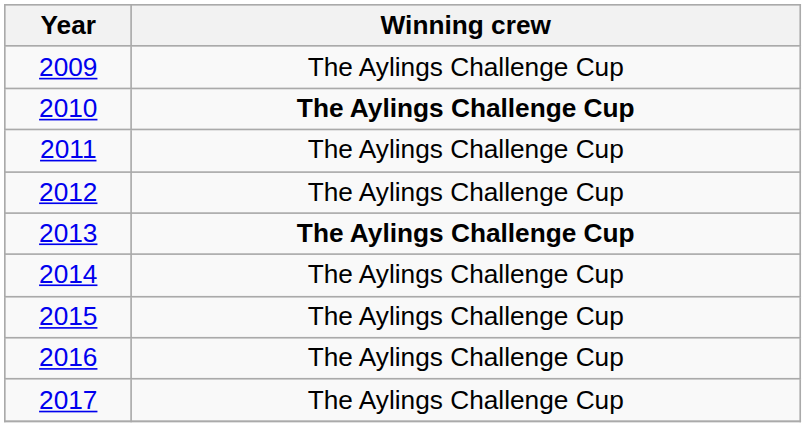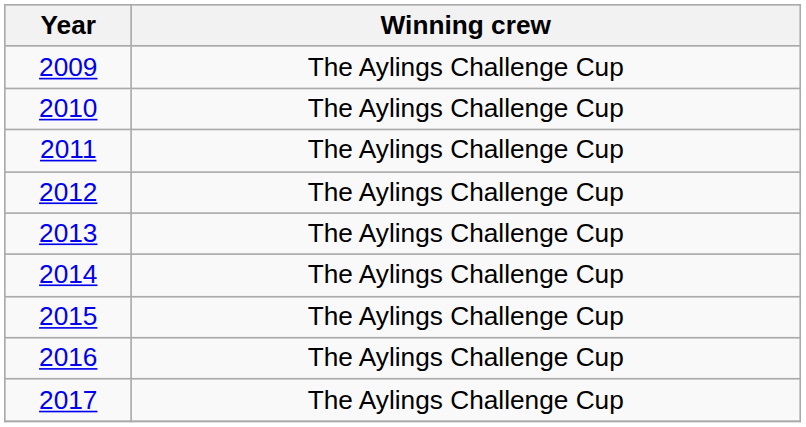 <table class="wikitable" style="text-align:center">
 <tr>
 <th width=70>Year</th>
 <th width=400>Winning crew</th>
 </tr>
 <tr>
 <td><a href='#'>2009</a></td>
 <td>The Aylings Challenge Cup</td>
 </tr>
 <tr>
 <td><a href='#'>2010</a></td>
-<td><strong>The Aylings Challenge Cup</strong></td>
+<td>The Aylings Challenge Cup</td>
 </tr>
 <tr>
 <td><a href='#'>2011</a></td>
 <td>The Aylings Challenge Cup</td>
 </tr>
 <tr>
 <td><a href='#'>2012</a></td>
 <td>The Aylings Challenge Cup</td>
 </tr>
 <tr>
 <td><a href='#'>2013</a></td>
-<td><strong>The Aylings Challenge Cup</strong></td>
+<td>The Aylings Challenge Cup</td>
 </tr>
 <tr>
 <td><a href='#'>2014</a></td>
 <td>The Aylings Challenge Cup</td>
 </tr>
 <tr>
 <td><a href='#'>2015</a></td>
 <td>The Aylings Challenge Cup</td>
 </tr>
 <tr>
 <td><a href='#'>2016</a></td>
 <td>The Aylings Challenge Cup</td>
 </tr>
 <tr>
 <td><a href='#'>2017</a></td>
 <td>The Aylings Challenge Cup</td>
 </tr>
 <tr>
 </tr>
 </table>
